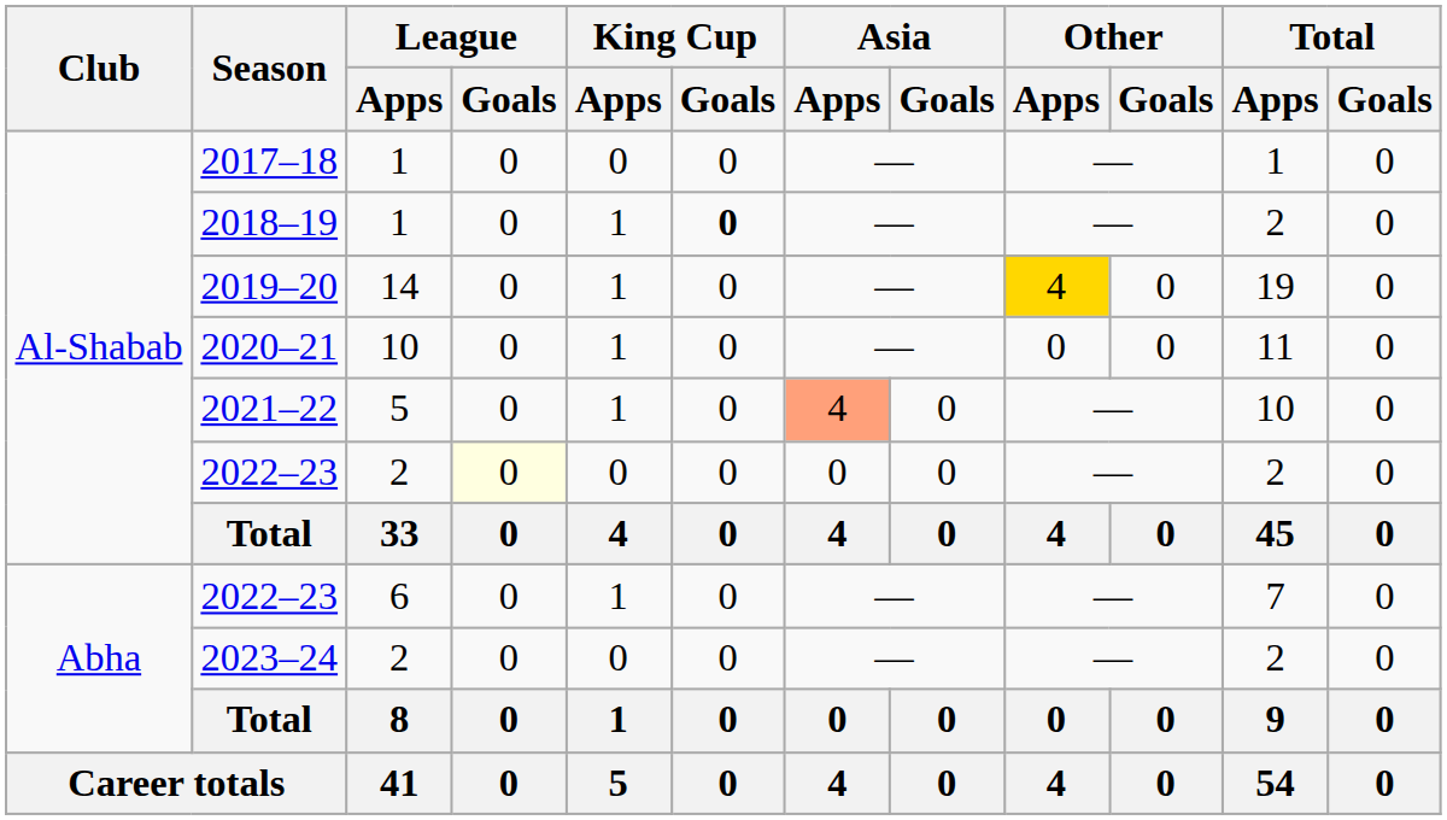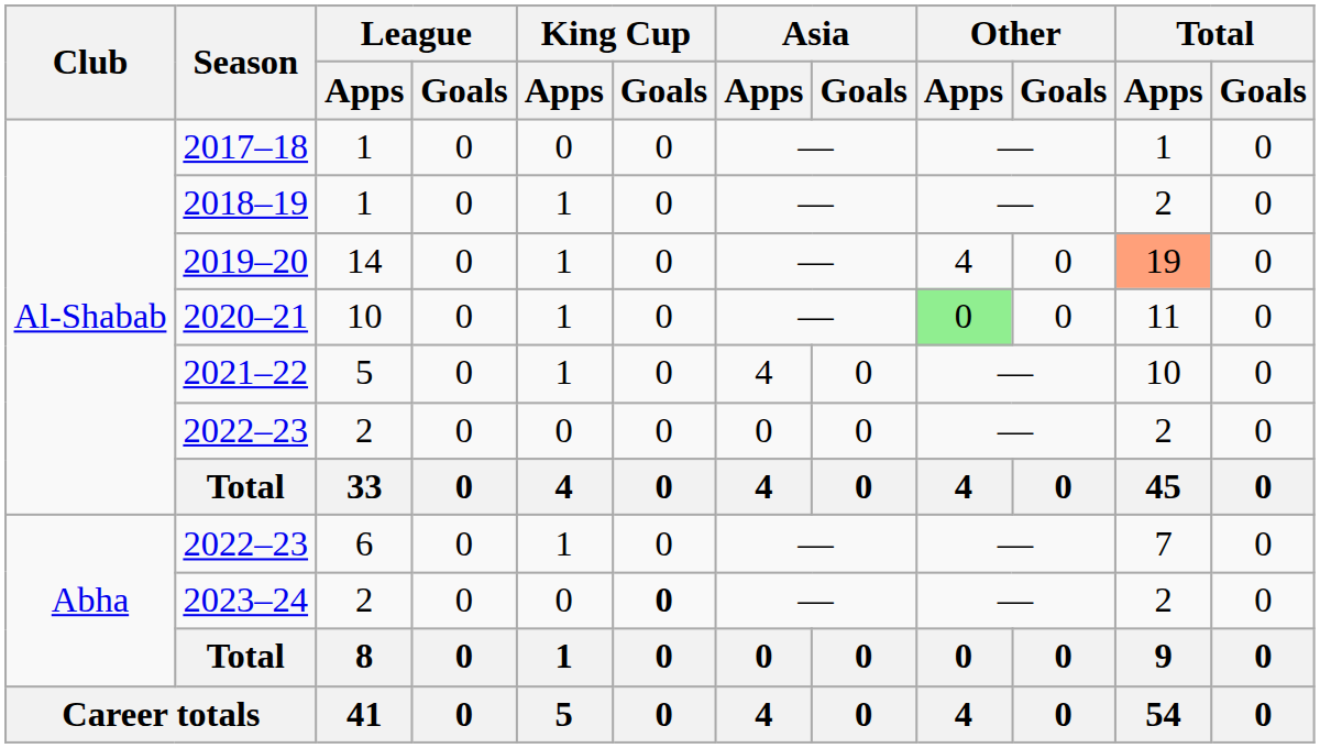 <table class="wikitable" style="text-align: center">
 <tr>
 <th rowspan=2>Club</th>
 <th rowspan=2>Season</th>
 <th colspan=2>League</th>
 <th colspan=2>King Cup</th>
 <th colspan=2>Asia</th>
 <th colspan=2>Other</th>
 <th colspan=2>Total</th>
 </tr>
 <tr>
 <th>Apps</th>
 <th>Goals</th>
 <th>Apps</th>
 <th>Goals</th>
 <th>Apps</th>
 <th>Goals</th>
 <th>Apps</th>
 <th>Goals</th>
 <th>Apps</th>
 <th>Goals</th>
 </tr>
 <tr>
 <td rowspan=7><a href='#'>Al-Shabab</a></td>
 <td><a href='#'>2017–18</a></td>
 <td>1</td>
 <td>0</td>
 <td>0</td>
 <td>0</td>
 <td colspan=2>—</td>
 <td colspan=2>—</td>
 <td>1</td>
 <td>0</td>
 </tr>
 <tr>
 <td><a href='#'>2018–19</a></td>
 <td>1</td>
 <td>0</td>
 <td>1</td>
-<td><strong>0</strong></td>
+<td>0</td>
 <td colspan=2>—</td>
 <td colspan=2>—</td>
 <td>2</td>
 <td>0</td>
 </tr>
 <tr>
 <td><a href='#'>2019–20</a></td>
 <td>14</td>
 <td>0</td>
 <td>1</td>
 <td>0</td>
 <td colspan=2>—</td>
-<td style="background: gold;">4</td>
+<td>4</td>
 <td>0</td>
-<td>19</td>
+<td style="background: lightsalmon;">19</td>
 <td>0</td>
 </tr>
 <tr>
 <td><a href='#'>2020–21</a></td>
 <td>10</td>
 <td>0</td>
 <td>1</td>
 <td>0</td>
 <td colspan=2>—</td>
-<td>0</td>
+<td style="background: lightgreen;">0</td>
 <td>0</td>
 <td>11</td>
 <td>0</td>
 </tr>
 <tr>
 <td><a href='#'>2021–22</a></td>
 <td>5</td>
 <td>0</td>
 <td>1</td>
 <td>0</td>
-<td style="background: lightsalmon;">4</td>
+<td>4</td>
 <td>0</td>
 <td colspan=2>—</td>
 <td>10</td>
 <td>0</td>
 </tr>
 <tr>
 <td><a href='#'>2022–23</a></td>
 <td>2</td>
-<td style="background: lightyellow;">0</td>
+<td>0</td>
 <td>0</td>
 <td>0</td>
 <td>0</td>
 <td>0</td>
 <td colspan=2>—</td>
 <td>2</td>
 <td>0</td>
 </tr>
 <tr>
 <th>Total</th>
 <th>33</th>
 <th>0</th>
 <th>4</th>
 <th>0</th>
 <th>4</th>
 <th>0</th>
 <th>4</th>
 <th>0</th>
 <th>45</th>
 <th>0</th>
 </tr>
 <tr>
 <td rowspan=3><a href='#'>Abha</a></td>
 <td><a href='#'>2022–23</a></td>
 <td>6</td>
 <td>0</td>
 <td>1</td>
 <td>0</td>
 <td colspan=2>—</td>
 <td colspan=2>—</td>
 <td>7</td>
 <td>0</td>
 </tr>
 <tr>
 <td><a href='#'>2023–24</a></td>
 <td>2</td>
 <td>0</td>
 <td>0</td>
-<td>0</td>
+<td><strong>0</strong></td>
 <td colspan=2>—</td>
 <td colspan=2>—</td>
 <td>2</td>
 <td>0</td>
 </tr>
 <tr>
 <th>Total</th>
 <th>8</th>
 <th>0</th>
 <th>1</th>
 <th>0</th>
 <th>0</th>
 <th>0</th>
 <th>0</th>
 <th>0</th>
 <th>9</th>
 <th>0</th>
 </tr>
 <tr>
 <th colspan=2>Career totals</th>
 <th>41</th>
 <th>0</th>
 <th>5</th>
 <th>0</th>
 <th>4</th>
 <th>0</th>
 <th>4</th>
 <th>0</th>
 <th>54</th>
 <th>0</th>
 </tr>
 </table>
